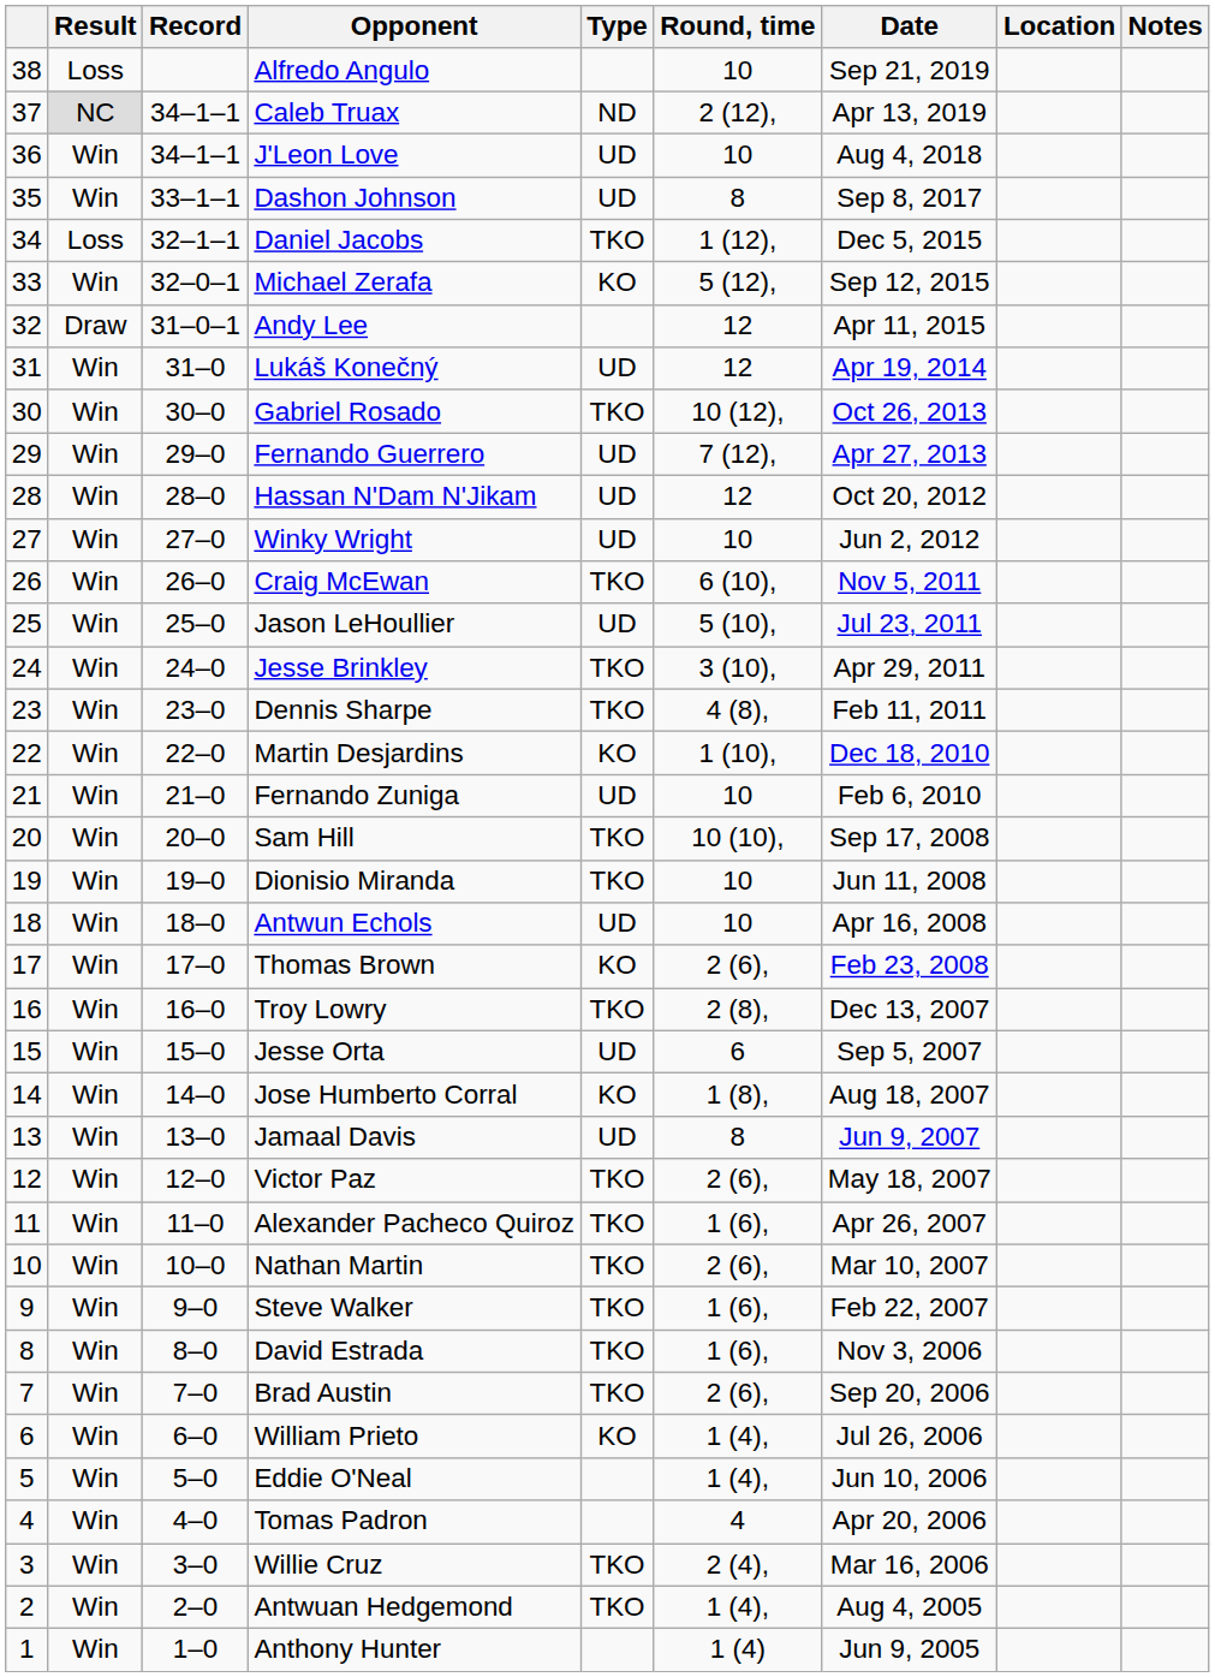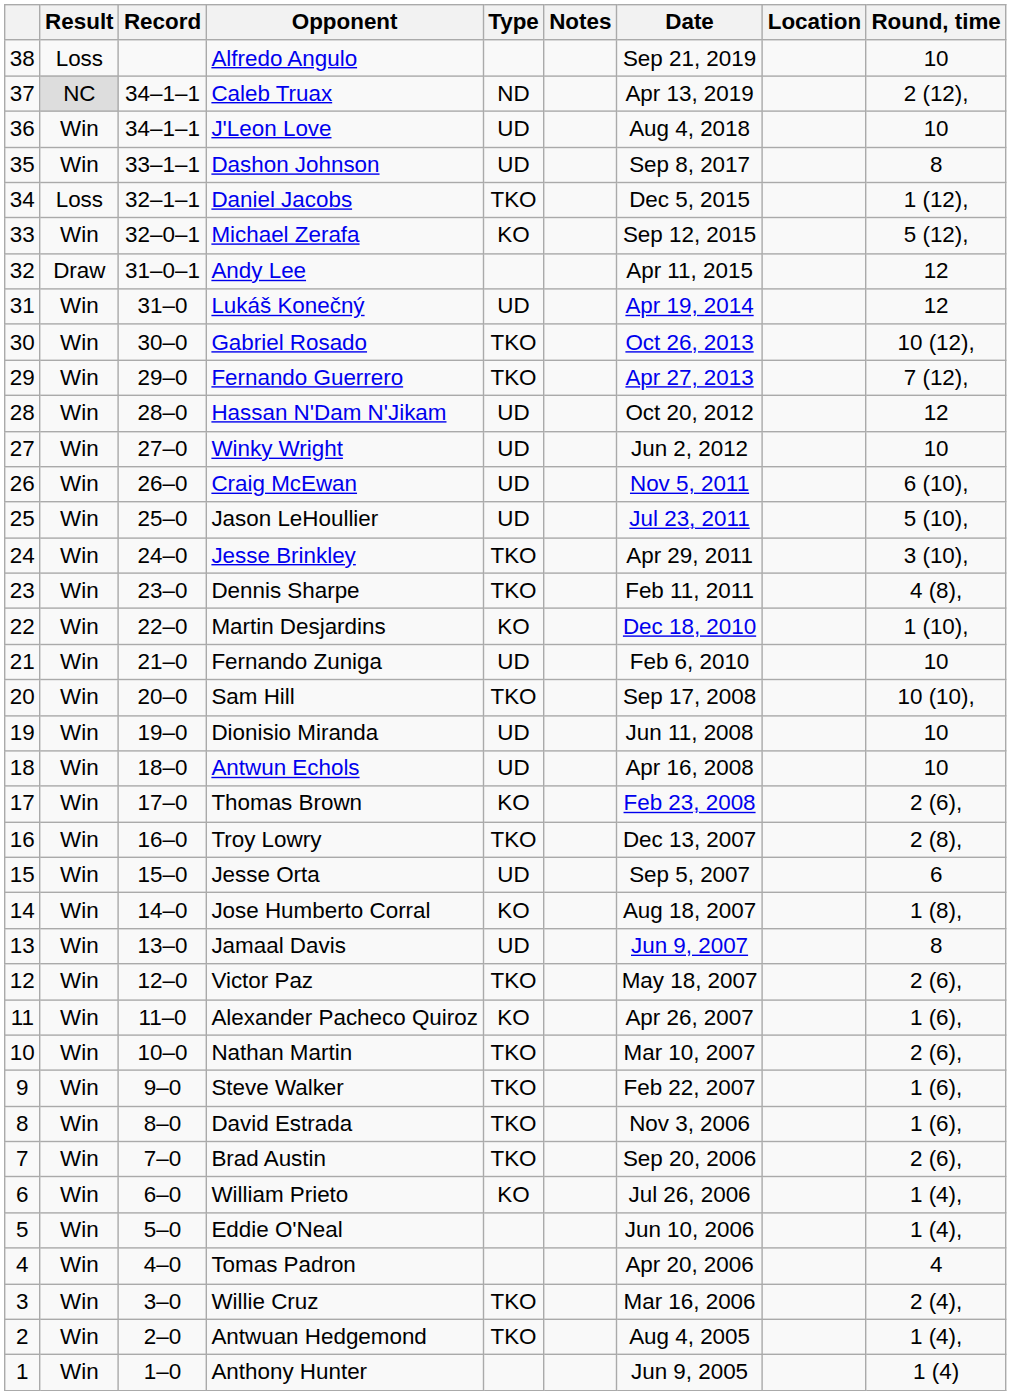 <table class="wikitable" style="text-align:center">
 <tr>
 <th></th>
 <th>Result</th>
 <th>Record</th>
 <th>Opponent</th>
 <th>Type</th>
-<th>Round, time</th>
+<th>Notes</th>
 <th>Date</th>
 <th>Location</th>
-<th>Notes</th>
+<th>Round, time</th>
 </tr>
 <tr>
 <td>38</td>
 <td>Loss</td>
 <td></td>
 <td style="text-align:left;"><a href='#'>Alfredo Angulo</a></td>
 <td></td>
-<td>10</td>
+<td></td>
 <td>Sep 21, 2019</td>
 <td style="text-align:left;"></td>
-<td></td>
+<td>10</td>
 </tr>
 <tr>
 <td>37</td>
 <td style="background:#ddd;">NC</td>
 <td>34–1–1 </td>
 <td style="text-align:left;"><a href='#'>Caleb Truax</a></td>
 <td>ND</td>
-<td>2 (12), </td>
+<td></td>
 <td>Apr 13, 2019</td>
 <td style="text-align:left;"></td>
-<td></td>
+<td>2 (12), </td>
 </tr>
 <tr>
 <td>36</td>
 <td>Win</td>
 <td>34–1–1</td>
 <td style="text-align:left;"><a href='#'>J'Leon Love</a></td>
 <td>UD</td>
-<td>10</td>
+<td></td>
 <td>Aug 4, 2018</td>
 <td style="text-align:left;"></td>
-<td></td>
+<td>10</td>
 </tr>
 <tr>
 <td>35</td>
 <td>Win</td>
 <td>33–1–1</td>
 <td style="text-align:left;"><a href='#'>Dashon Johnson</a></td>
 <td>UD</td>
-<td>8</td>
+<td></td>
 <td>Sep 8, 2017</td>
 <td style="text-align:left;"></td>
-<td></td>
+<td>8</td>
 </tr>
 <tr>
 <td>34</td>
 <td>Loss</td>
 <td>32–1–1</td>
 <td style="text-align:left;"><a href='#'>Daniel Jacobs</a></td>
 <td>TKO</td>
-<td>1 (12), </td>
+<td style="text-align:left;"></td>
 <td>Dec 5, 2015</td>
 <td style="text-align:left;"></td>
-<td style="text-align:left;"></td>
+<td>1 (12), </td>
 </tr>
 <tr>
 <td>33</td>
 <td>Win</td>
 <td>32–0–1</td>
 <td style="text-align:left;"><a href='#'>Michael Zerafa</a></td>
 <td>KO</td>
-<td>5 (12), </td>
+<td></td>
 <td>Sep 12, 2015</td>
 <td style="text-align:left;"></td>
-<td></td>
+<td>5 (12), </td>
 </tr>
 <tr>
 <td>32</td>
 <td>Draw</td>
 <td>31–0–1</td>
 <td style="text-align:left;"><a href='#'>Andy Lee</a></td>
 <td></td>
-<td>12</td>
+<td></td>
 <td>Apr 11, 2015</td>
 <td style="text-align:left;"></td>
-<td></td>
+<td>12</td>
 </tr>
 <tr>
 <td>31</td>
 <td>Win</td>
 <td>31–0</td>
 <td style="text-align:left;"><a href='#'>Lukáš Konečný</a></td>
 <td>UD</td>
-<td>12</td>
+<td style="text-align:left;"></td>
 <td><a href='#'>Apr 19, 2014</a></td>
 <td style="text-align:left;"></td>
-<td style="text-align:left;"></td>
+<td>12</td>
 </tr>
 <tr>
 <td>30</td>
 <td>Win</td>
 <td>30–0</td>
 <td style="text-align:left;"><a href='#'>Gabriel Rosado</a></td>
 <td>TKO</td>
-<td>10 (12), </td>
+<td style="text-align:left;"></td>
 <td><a href='#'>Oct 26, 2013</a></td>
 <td style="text-align:left;"></td>
-<td style="text-align:left;"></td>
+<td>10 (12), </td>
 </tr>
 <tr>
 <td>29</td>
 <td>Win</td>
 <td>29–0</td>
 <td style="text-align:left;"><a href='#'>Fernando Guerrero</a></td>
-<td>UD</td>
-<td>7 (12), </td>
+<td>TKO</td>
+<td style="text-align:left;"></td>
 <td><a href='#'>Apr 27, 2013</a></td>
 <td style="text-align:left;"></td>
-<td style="text-align:left;"></td>
+<td>7 (12), </td>
 </tr>
 <tr>
 <td>28</td>
 <td>Win</td>
 <td>28–0</td>
 <td style="text-align:left;"><a href='#'>Hassan N'Dam N'Jikam</a></td>
 <td>UD</td>
-<td>12</td>
+<td style="text-align:left;"></td>
 <td>Oct 20, 2012</td>
 <td style="text-align:left;"></td>
-<td style="text-align:left;"></td>
+<td>12</td>
 </tr>
 <tr>
 <td>27</td>
 <td>Win</td>
 <td>27–0</td>
 <td style="text-align:left;"><a href='#'>Winky Wright</a></td>
 <td>UD</td>
-<td>10</td>
+<td></td>
 <td>Jun 2, 2012</td>
 <td style="text-align:left;"></td>
-<td></td>
+<td>10</td>
 </tr>
 <tr>
 <td>26</td>
 <td>Win</td>
 <td>26–0</td>
 <td style="text-align:left;"><a href='#'>Craig McEwan</a></td>
-<td>TKO</td>
-<td>6 (10), </td>
+<td>UD</td>
+<td></td>
 <td><a href='#'>Nov 5, 2011</a></td>
 <td style="text-align:left;"></td>
-<td></td>
+<td>6 (10), </td>
 </tr>
 <tr>
 <td>25</td>
 <td>Win</td>
 <td>25–0</td>
 <td style="text-align:left;">Jason LeHoullier</td>
 <td>UD</td>
-<td>5 (10), </td>
+<td></td>
 <td><a href='#'>Jul 23, 2011</a></td>
 <td style="text-align:left;"></td>
-<td></td>
+<td>5 (10), </td>
 </tr>
 <tr>
 <td>24</td>
 <td>Win</td>
 <td>24–0</td>
 <td style="text-align:left;"><a href='#'>Jesse Brinkley</a></td>
 <td>TKO</td>
-<td>3 (10), </td>
+<td style="text-align:left;"></td>
 <td>Apr 29, 2011</td>
 <td style="text-align:left;"></td>
-<td style="text-align:left;"></td>
+<td>3 (10), </td>
 </tr>
 <tr>
 <td>23</td>
 <td>Win</td>
 <td>23–0</td>
 <td style="text-align:left;">Dennis Sharpe</td>
 <td>TKO</td>
-<td>4 (8), </td>
+<td></td>
 <td>Feb 11, 2011</td>
 <td style="text-align:left;"></td>
-<td></td>
+<td>4 (8), </td>
 </tr>
 <tr>
 <td>22</td>
 <td>Win</td>
 <td>22–0</td>
 <td style="text-align:left;">Martin Desjardins</td>
 <td>KO</td>
-<td>1 (10), </td>
+<td></td>
 <td><a href='#'>Dec 18, 2010</a></td>
 <td style="text-align:left;"></td>
-<td></td>
+<td>1 (10), </td>
 </tr>
 <tr>
 <td>21</td>
 <td>Win</td>
 <td>21–0</td>
 <td style="text-align:left;">Fernando Zuniga</td>
 <td>UD</td>
-<td>10</td>
+<td></td>
 <td>Feb 6, 2010</td>
 <td style="text-align:left;"></td>
-<td></td>
+<td>10</td>
 </tr>
 <tr>
 <td>20</td>
 <td>Win</td>
 <td>20–0</td>
 <td style="text-align:left;">Sam Hill</td>
 <td>TKO</td>
-<td>10 (10), </td>
+<td></td>
 <td>Sep 17, 2008</td>
 <td style="text-align:left;"></td>
-<td></td>
+<td>10 (10), </td>
 </tr>
 <tr>
 <td>19</td>
 <td>Win</td>
 <td>19–0</td>
 <td style="text-align:left;">Dionisio Miranda</td>
-<td>TKO</td>
-<td>10</td>
+<td>UD</td>
+<td></td>
 <td>Jun 11, 2008</td>
 <td style="text-align:left;"></td>
-<td></td>
+<td>10</td>
 </tr>
 <tr>
 <td>18</td>
 <td>Win</td>
 <td>18–0</td>
 <td style="text-align:left;"><a href='#'>Antwun Echols</a></td>
 <td>UD</td>
-<td>10</td>
+<td></td>
 <td>Apr 16, 2008</td>
 <td style="text-align:left;"></td>
-<td></td>
+<td>10</td>
 </tr>
 <tr>
 <td>17</td>
 <td>Win</td>
 <td>17–0</td>
 <td style="text-align:left;">Thomas Brown</td>
 <td>KO</td>
-<td>2 (6), </td>
+<td></td>
 <td><a href='#'>Feb 23, 2008</a></td>
 <td style="text-align:left;"></td>
-<td></td>
+<td>2 (6), </td>
 </tr>
 <tr>
 <td>16</td>
 <td>Win</td>
 <td>16–0</td>
 <td style="text-align:left;">Troy Lowry</td>
 <td>TKO</td>
-<td>2 (8), </td>
+<td></td>
 <td>Dec 13, 2007</td>
 <td style="text-align:left;"></td>
-<td></td>
+<td>2 (8), </td>
 </tr>
 <tr>
 <td>15</td>
 <td>Win</td>
 <td>15–0</td>
 <td style="text-align:left;">Jesse Orta</td>
 <td>UD</td>
-<td>6</td>
+<td></td>
 <td>Sep 5, 2007</td>
 <td style="text-align:left;"></td>
-<td></td>
+<td>6</td>
 </tr>
 <tr>
 <td>14</td>
 <td>Win</td>
 <td>14–0</td>
 <td style="text-align:left;">Jose Humberto Corral</td>
 <td>KO</td>
-<td>1 (8), </td>
+<td></td>
 <td>Aug 18, 2007</td>
 <td style="text-align:left;"></td>
-<td></td>
+<td>1 (8), </td>
 </tr>
 <tr>
 <td>13</td>
 <td>Win</td>
 <td>13–0</td>
 <td style="text-align:left;">Jamaal Davis</td>
 <td>UD</td>
-<td>8</td>
+<td></td>
 <td><a href='#'>Jun 9, 2007</a></td>
 <td style="text-align:left;"></td>
-<td></td>
+<td>8</td>
 </tr>
 <tr>
 <td>12</td>
 <td>Win</td>
 <td>12–0</td>
 <td style="text-align:left;">Victor Paz</td>
 <td>TKO</td>
-<td>2 (6), </td>
+<td></td>
 <td>May 18, 2007</td>
 <td style="text-align:left;"></td>
-<td></td>
+<td>2 (6), </td>
 </tr>
 <tr>
 <td>11</td>
 <td>Win</td>
 <td>11–0</td>
 <td style="text-align:left;">Alexander Pacheco Quiroz</td>
-<td>TKO</td>
-<td>1 (6), </td>
+<td>KO</td>
+<td></td>
 <td>Apr 26, 2007</td>
 <td style="text-align:left;"></td>
-<td></td>
+<td>1 (6), </td>
 </tr>
 <tr>
 <td>10</td>
 <td>Win</td>
 <td>10–0</td>
 <td style="text-align:left;">Nathan Martin</td>
 <td>TKO</td>
-<td>2 (6), </td>
+<td></td>
 <td>Mar 10, 2007</td>
 <td style="text-align:left;"></td>
-<td></td>
+<td>2 (6), </td>
 </tr>
 <tr>
 <td>9</td>
 <td>Win</td>
 <td>9–0</td>
 <td style="text-align:left;">Steve Walker</td>
 <td>TKO</td>
-<td>1 (6), </td>
+<td></td>
 <td>Feb 22, 2007</td>
 <td style="text-align:left;"></td>
-<td></td>
+<td>1 (6), </td>
 </tr>
 <tr>
 <td>8</td>
 <td>Win</td>
 <td>8–0</td>
 <td style="text-align:left;">David Estrada</td>
 <td>TKO</td>
-<td>1 (6), </td>
+<td></td>
 <td>Nov 3, 2006</td>
 <td style="text-align:left;"></td>
-<td></td>
+<td>1 (6), </td>
 </tr>
 <tr>
 <td>7</td>
 <td>Win</td>
 <td>7–0</td>
 <td style="text-align:left;">Brad Austin</td>
 <td>TKO</td>
-<td>2 (6), </td>
+<td></td>
 <td>Sep 20, 2006</td>
 <td style="text-align:left;"></td>
-<td></td>
+<td>2 (6), </td>
 </tr>
 <tr>
 <td>6</td>
 <td>Win</td>
 <td>6–0</td>
 <td style="text-align:left;">William Prieto</td>
 <td>KO</td>
-<td>1 (4), </td>
+<td></td>
 <td>Jul 26, 2006</td>
 <td style="text-align:left;"></td>
-<td></td>
+<td>1 (4), </td>
 </tr>
 <tr>
 <td>5</td>
 <td>Win</td>
 <td>5–0</td>
 <td style="text-align:left;">Eddie O'Neal</td>
 <td></td>
-<td>1 (4), </td>
+<td></td>
 <td>Jun 10, 2006</td>
 <td style="text-align:left;"></td>
-<td></td>
+<td>1 (4), </td>
 </tr>
 <tr>
 <td>4</td>
 <td>Win</td>
 <td>4–0</td>
 <td style="text-align:left;">Tomas Padron</td>
 <td></td>
-<td>4</td>
+<td></td>
 <td>Apr 20, 2006</td>
 <td style="text-align:left;"></td>
-<td></td>
+<td>4</td>
 </tr>
 <tr>
 <td>3</td>
 <td>Win</td>
 <td>3–0</td>
 <td style="text-align:left;">Willie Cruz</td>
 <td>TKO</td>
-<td>2 (4), </td>
+<td></td>
 <td>Mar 16, 2006</td>
 <td style="text-align:left;"></td>
-<td></td>
+<td>2 (4), </td>
 </tr>
 <tr>
 <td>2</td>
 <td>Win</td>
 <td>2–0</td>
 <td style="text-align:left;">Antwuan Hedgemond</td>
 <td>TKO</td>
-<td>1 (4), </td>
+<td></td>
 <td>Aug 4, 2005</td>
 <td style="text-align:left;"></td>
-<td></td>
+<td>1 (4), </td>
 </tr>
 <tr>
 <td>1</td>
 <td>Win</td>
 <td>1–0</td>
 <td style="text-align:left;">Anthony Hunter</td>
 <td></td>
-<td>1 (4)</td>
+<td></td>
 <td>Jun 9, 2005</td>
 <td style="text-align:left;"></td>
-<td></td>
+<td>1 (4)</td>
 </tr>
 </table>
